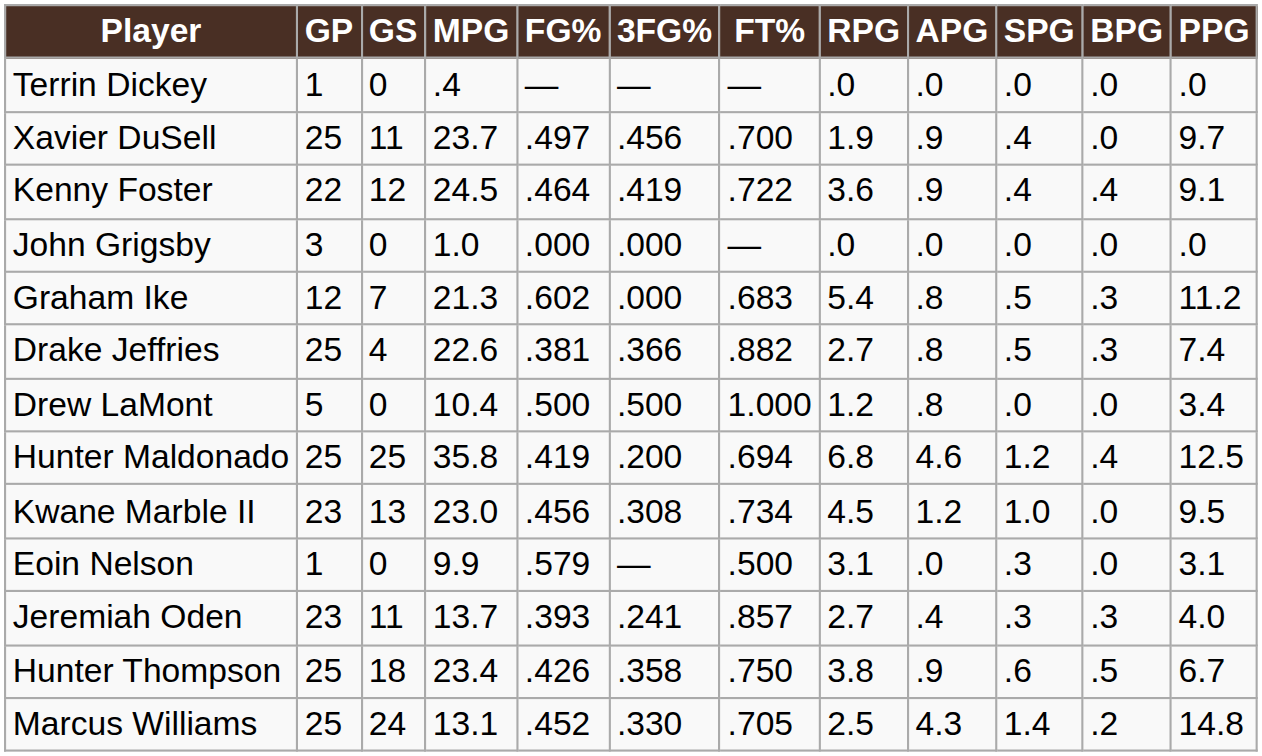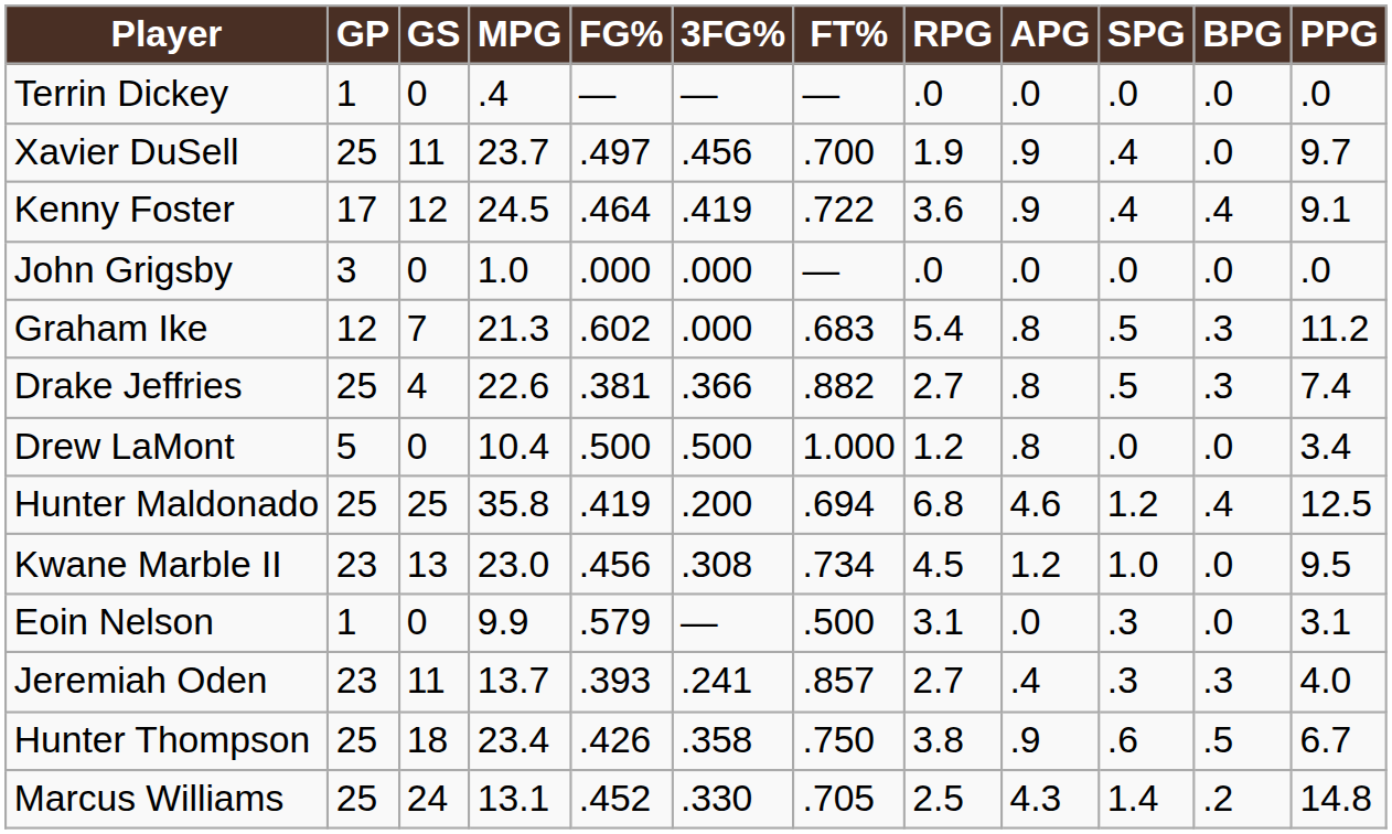 <table class="wikitable sortable">
 <tr>
 <th style="background:#492f24; color:white">Player</th>
 <th style="background:#492f24; color:white">GP</th>
 <th style="background:#492f24; color:white">GS</th>
 <th style="background:#492f24; color:white">MPG</th>
 <th style="background:#492f24; color:white">FG%</th>
 <th style="background:#492f24; color:white">3FG%</th>
 <th style="background:#492f24; color:white">FT%</th>
 <th style="background:#492f24; color:white;">RPG</th>
 <th style="background:#492f24; color:white;">APG</th>
 <th style="background:#492f24; color:white;">SPG</th>
 <th style="background:#492f24; color:white;">BPG</th>
 <th style="background:#492f24; color:white;">PPG</th>
 </tr>
 <tr>
 <td>Terrin Dickey</td>
 <td>1</td>
 <td>0</td>
 <td>.4</td>
 <td>—</td>
 <td>—</td>
 <td>—</td>
 <td>.0</td>
 <td>.0</td>
 <td>.0</td>
 <td>.0</td>
 <td>.0</td>
 </tr>
 <tr>
 <td>Xavier DuSell</td>
 <td>25</td>
 <td>11</td>
 <td>23.7</td>
 <td>.497</td>
 <td>.456</td>
 <td>.700</td>
 <td>1.9</td>
 <td>.9</td>
 <td>.4</td>
 <td>.0</td>
 <td>9.7</td>
 </tr>
 <tr>
 <td>Kenny Foster</td>
-<td>22</td>
+<td>17</td>
 <td>12</td>
 <td>24.5</td>
 <td>.464</td>
 <td>.419</td>
 <td>.722</td>
 <td>3.6</td>
 <td>.9</td>
 <td>.4</td>
 <td>.4</td>
 <td>9.1</td>
 </tr>
 <tr>
 <td>John Grigsby</td>
 <td>3</td>
 <td>0</td>
 <td>1.0</td>
 <td>.000</td>
 <td>.000</td>
 <td>—</td>
 <td>.0</td>
 <td>.0</td>
 <td>.0</td>
 <td>.0</td>
 <td>.0</td>
 </tr>
 <tr>
 <td>Graham Ike</td>
 <td>12</td>
 <td>7</td>
 <td>21.3</td>
 <td>.602</td>
 <td>.000</td>
 <td>.683</td>
 <td>5.4</td>
 <td>.8</td>
 <td>.5</td>
 <td>.3</td>
 <td>11.2</td>
 </tr>
 <tr>
 <td>Drake Jeffries</td>
 <td>25</td>
 <td>4</td>
 <td>22.6</td>
 <td>.381</td>
 <td>.366</td>
 <td>.882</td>
 <td>2.7</td>
 <td>.8</td>
 <td>.5</td>
 <td>.3</td>
 <td>7.4</td>
 </tr>
 <tr>
 <td>Drew LaMont</td>
 <td>5</td>
 <td>0</td>
 <td>10.4</td>
 <td>.500</td>
 <td>.500</td>
 <td>1.000</td>
 <td>1.2</td>
 <td>.8</td>
 <td>.0</td>
 <td>.0</td>
 <td>3.4</td>
 </tr>
 <tr>
 <td>Hunter Maldonado</td>
 <td>25</td>
 <td>25</td>
 <td>35.8</td>
 <td>.419</td>
 <td>.200</td>
 <td>.694</td>
 <td>6.8</td>
 <td>4.6</td>
 <td>1.2</td>
 <td>.4</td>
 <td>12.5</td>
 </tr>
 <tr>
 <td>Kwane Marble II</td>
 <td>23</td>
 <td>13</td>
 <td>23.0</td>
 <td>.456</td>
 <td>.308</td>
 <td>.734</td>
 <td>4.5</td>
 <td>1.2</td>
 <td>1.0</td>
 <td>.0</td>
 <td>9.5</td>
 </tr>
 <tr>
 <td>Eoin Nelson</td>
 <td>1</td>
 <td>0</td>
 <td>9.9</td>
 <td>.579</td>
 <td>—</td>
 <td>.500</td>
 <td>3.1</td>
 <td>.0</td>
 <td>.3</td>
 <td>.0</td>
 <td>3.1</td>
 </tr>
 <tr>
 <td>Jeremiah Oden</td>
 <td>23</td>
 <td>11</td>
 <td>13.7</td>
 <td>.393</td>
 <td>.241</td>
 <td>.857</td>
 <td>2.7</td>
 <td>.4</td>
 <td>.3</td>
 <td>.3</td>
 <td>4.0</td>
 </tr>
 <tr>
 <td>Hunter Thompson</td>
 <td>25</td>
 <td>18</td>
 <td>23.4</td>
 <td>.426</td>
 <td>.358</td>
 <td>.750</td>
 <td>3.8</td>
 <td>.9</td>
 <td>.6</td>
 <td>.5</td>
 <td>6.7</td>
 </tr>
 <tr>
 <td>Marcus Williams</td>
 <td>25</td>
 <td>24</td>
 <td>13.1</td>
 <td>.452</td>
 <td>.330</td>
 <td>.705</td>
 <td>2.5</td>
 <td>4.3</td>
 <td>1.4</td>
 <td>.2</td>
 <td>14.8</td>
 </tr>
 </table>
